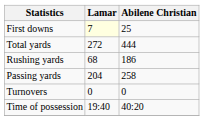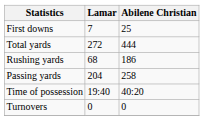 <table class="wikitable" style="float: left;">
 <tr>
 <th>Statistics</th>
 <th><strong>Lamar</strong></th>
 <th><strong>Abilene Christian</strong></th>
 </tr>
 <tr>
 <td>First downs</td>
-<td style="background: lightyellow;">7</td>
+<td>7</td>
 <td>25</td>
 </tr>
 <tr>
 <td>Total yards</td>
 <td>272</td>
 <td>444</td>
 </tr>
 <tr>
 <td>Rushing yards</td>
 <td>68</td>
 <td>186</td>
 </tr>
 <tr>
 <td>Passing yards</td>
 <td>204</td>
 <td>258</td>
 </tr>
 <tr>
+<td>Time of possession</td>
+<td>19:40</td>
+<td>40:20</td>
+</tr>
+<tr>
 <td>Turnovers</td>
 <td>0</td>
 <td>0</td>
 </tr>
 <tr>
-<td>Time of possession</td>
-<td>19:40</td>
-<td>40:20</td>
-</tr>
-<tr>
 </tr>
 </table>
